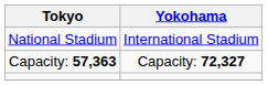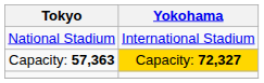 <table class="wikitable" style="text-align:center">
 <tr>
 <th>Tokyo</th>
 <th><a href='#'>Yokohama</a></th>
 </tr>
 <tr>
 <td><a href='#'>National Stadium</a></td>
 <td><a href='#'>International Stadium</a></td>
 </tr>
 <tr>
 <td>Capacity: <strong>57,363</strong></td>
-<td>Capacity: <strong>72,327</strong></td>
+<td style="background: gold;">Capacity: <strong>72,327</strong></td>
 </tr>
 <tr>
 <td></td>
 <td></td>
 </tr>
 <tr>
 </tr>
 </table>
